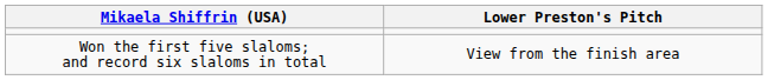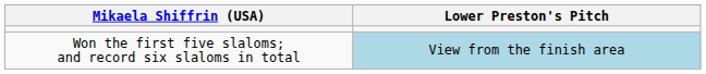 <table class="wikitable" style="text-align:center; width:55%; border:1px #AAAAFF solid">
 <tr>
 <th><a href='#'>Mikaela Shiffrin</a> (USA)</th>
 <th>Lower Preston's Pitch</th>
 </tr>
 <tr>
 <td width=200></td>
 <td width=200></td>
 </tr>
 <tr>
 <td>Won the first five slaloms;<br>and record six slaloms in total</td>
-<td>View from the finish area</td>
+<td style="background: lightblue;">View from the finish area</td>
 </tr>
 </table>
